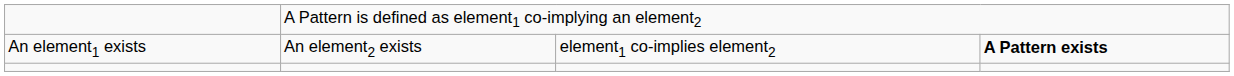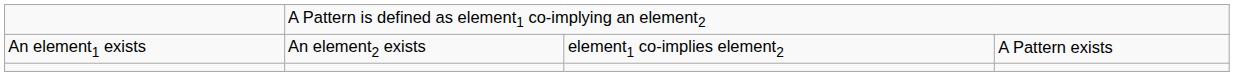 <table class="wikitable" style="width: 60%">
 <tr>
 <td></td>
 <td colspan=3>A Pattern is defined as element<sub>1</sub> co-implying an element<sub>2</sub></td>
 </tr>
 <tr>
 <td>An element<sub>1</sub> exists</td>
 <td>An element<sub>2</sub> exists</td>
 <td>element<sub>1</sub> co-implies element<sub>2</sub></td>
-<td><strong>A Pattern exists</strong></td>
+<td>A Pattern exists</td>
 </tr>
 <tr>
 <td><div></div></td>
 <td><div></div></td>
 <td><div></div></td>
 <td><div></div></td>
 </tr>
 </table>
